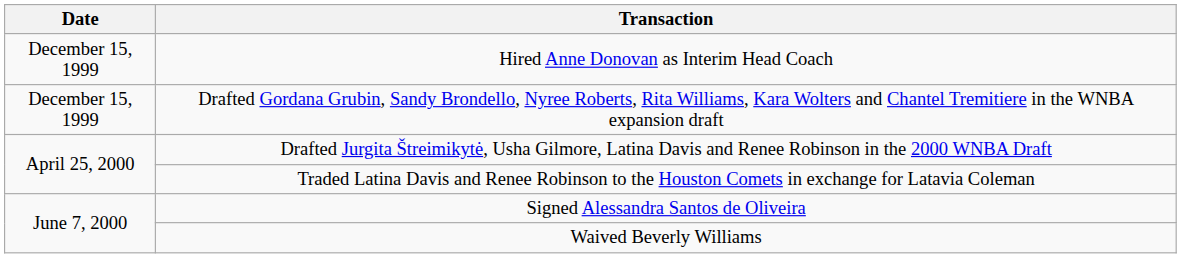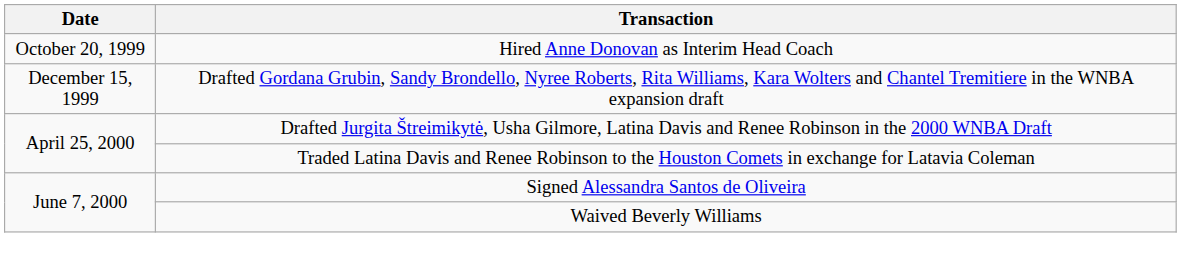 <table class="wikitable" style="width:80%; text-align: center;">
 <tr>
 <th>Date</th>
 <th>Transaction</th>
 </tr>
 <tr>
-<td>December 15, 1999</td>
+<td>October 20, 1999</td>
 <td>Hired <a href='#'>Anne Donovan</a> as Interim Head Coach</td>
 </tr>
 <tr>
 <td>December 15, 1999</td>
 <td>Drafted <a href='#'>Gordana Grubin</a>, <a href='#'>Sandy Brondello</a>, <a href='#'>Nyree Roberts</a>, <a href='#'>Rita Williams</a>, <a href='#'>Kara Wolters</a> and <a href='#'>Chantel Tremitiere</a> in the WNBA expansion draft</td>
 </tr>
 <tr>
 <td rowspan="2">April 25, 2000</td>
 <td>Drafted <a href='#'>Jurgita Štreimikytė</a>, Usha Gilmore, Latina Davis and Renee Robinson in the <a href='#'>2000 WNBA Draft</a></td>
 </tr>
 <tr>
 <td>Traded Latina Davis and Renee Robinson to the <a href='#'>Houston Comets</a> in exchange for Latavia Coleman </td>
 </tr>
 <tr>
 <td rowspan="2">June 7, 2000</td>
 <td>Signed <a href='#'>Alessandra Santos de Oliveira</a></td>
 </tr>
 <tr>
 <td>Waived Beverly Williams</td>
 </tr>
 </table>
